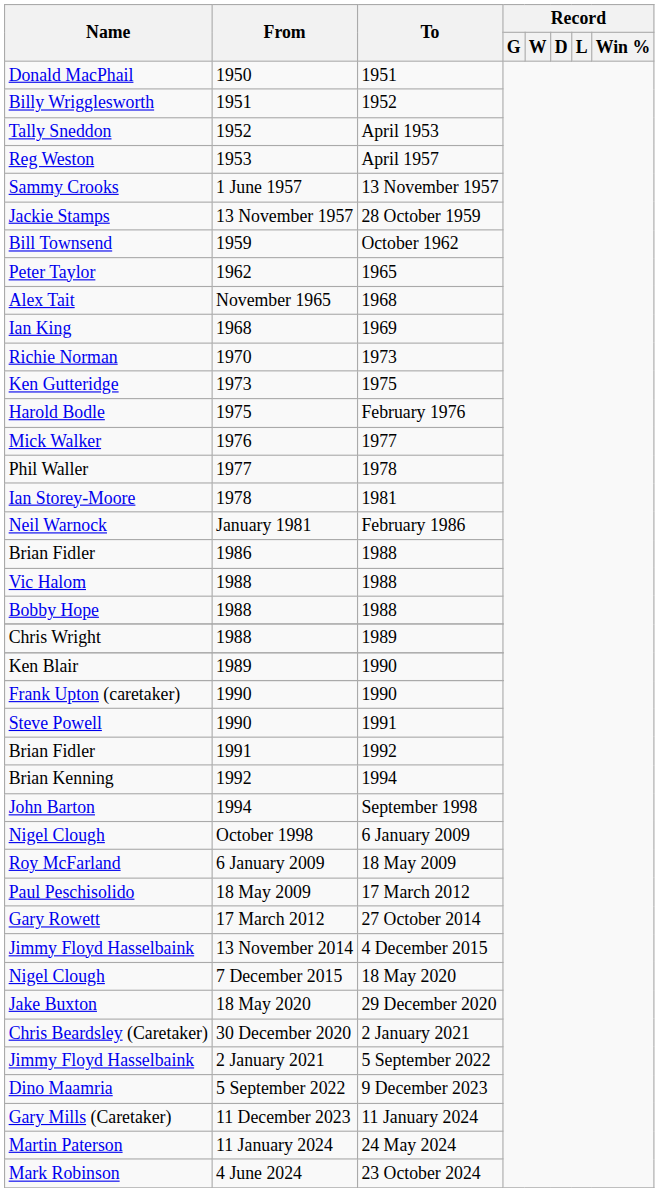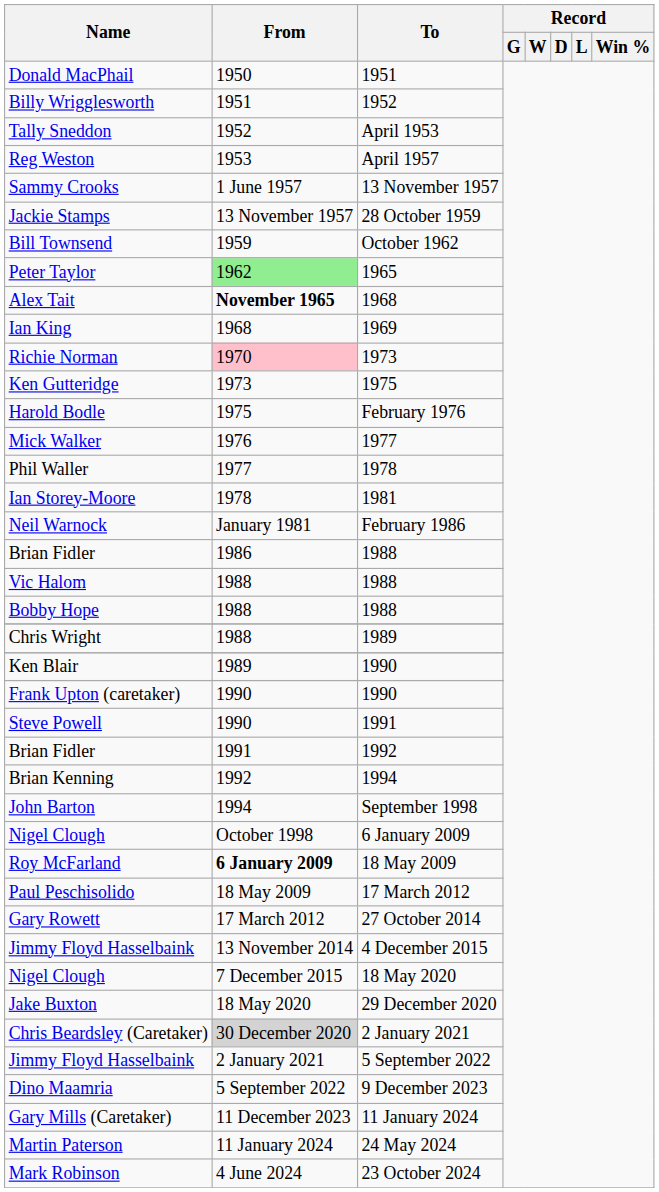 <table class="wikitable" style="text-align: center">
 <tr>
 <th rowspan="2">Name</th>
 <th rowspan="2">From</th>
 <th rowspan="2">To</th>
 <th colspan="5">Record</th>
 </tr>
 <tr>
 <th>G</th>
 <th>W</th>
 <th>D</th>
 <th>L</th>
 <th>Win %</th>
 </tr>
 <tr>
 <td align=left><a href='#'>Donald MacPhail</a></td>
 <td align=left>1950</td>
 <td align=left>1951</td>
 </tr>
 <tr>
 <td align=left><a href='#'>Billy Wrigglesworth</a></td>
 <td align=left>1951</td>
 <td align=left>1952</td>
 </tr>
 <tr>
 <td align=left><a href='#'>Tally Sneddon</a></td>
 <td align=left>1952</td>
 <td align=left>April 1953</td>
 </tr>
 <tr>
 <td align=left><a href='#'>Reg Weston</a></td>
 <td align=left>1953</td>
 <td align=left>April 1957</td>
 </tr>
 <tr>
 <td align=left><a href='#'>Sammy Crooks</a></td>
 <td align=left>1 June 1957</td>
 <td align=left>13 November 1957</td>
 </tr>
 <tr>
 <td align=left><a href='#'>Jackie Stamps</a></td>
 <td align=left>13 November 1957</td>
 <td align=left>28 October 1959</td>
 </tr>
 <tr>
 <td align=left><a href='#'>Bill Townsend</a></td>
 <td align=left>1959</td>
 <td align=left>October 1962</td>
 </tr>
 <tr>
 <td align=left><a href='#'>Peter Taylor</a></td>
-<td align=left>1962</td>
+<td align=left style="background: lightgreen;">1962</td>
 <td align=left>1965</td>
 </tr>
 <tr>
 <td align=left><a href='#'>Alex Tait</a></td>
-<td align=left>November 1965</td>
+<td align=left><strong>November 1965</strong></td>
 <td align=left>1968</td>
 </tr>
 <tr>
 <td align=left><a href='#'>Ian King</a></td>
 <td align=left>1968</td>
 <td align=left>1969</td>
 </tr>
 <tr>
 <td align=left><a href='#'>Richie Norman</a></td>
-<td align=left>1970</td>
+<td align=left style="background: pink;">1970</td>
 <td align=left>1973</td>
 </tr>
 <tr>
 <td align=left><a href='#'>Ken Gutteridge</a></td>
 <td align=left>1973</td>
 <td align=left>1975</td>
 </tr>
 <tr>
 <td align=left><a href='#'>Harold Bodle</a></td>
 <td align=left>1975</td>
 <td align=left>February 1976</td>
 </tr>
 <tr>
 <td align=left><a href='#'>Mick Walker</a></td>
 <td align=left>1976</td>
 <td align=left>1977</td>
 </tr>
 <tr>
 <td align=left>Phil Waller</td>
 <td align=left>1977</td>
 <td align=left>1978</td>
 </tr>
 <tr>
 <td align=left><a href='#'>Ian Storey-Moore</a></td>
 <td align=left>1978</td>
 <td align=left>1981</td>
 </tr>
 <tr>
 <td align=left><a href='#'>Neil Warnock</a></td>
 <td align=left>January 1981</td>
 <td align=left>February 1986</td>
 </tr>
 <tr>
 <td align=left>Brian Fidler</td>
 <td align=left>1986</td>
 <td align=left>1988</td>
 </tr>
 <tr>
 <td align=left><a href='#'>Vic Halom</a></td>
 <td align=left>1988</td>
 <td align=left>1988</td>
 </tr>
 <tr>
 <td align=left><a href='#'>Bobby Hope</a></td>
 <td align=left>1988</td>
 <td align=left>1988</td>
 </tr>
 <tr>
 </tr>
 <tr>
 <td align=left>Chris Wright</td>
 <td align=left>1988</td>
 <td align=left>1989</td>
 </tr>
 <tr>
 </tr>
 <tr>
 <td align=left>Ken Blair</td>
 <td align=left>1989</td>
 <td align=left>1990</td>
 </tr>
 <tr>
 </tr>
 <tr>
 <td align=left><a href='#'>Frank Upton</a> (caretaker)</td>
 <td align=left>1990</td>
 <td align=left>1990</td>
 </tr>
 <tr>
 <td align=left><a href='#'>Steve Powell</a></td>
 <td align=left>1990</td>
 <td align=left>1991</td>
 </tr>
 <tr>
 <td align=left>Brian Fidler</td>
 <td align=left>1991</td>
 <td align=left>1992</td>
 </tr>
 <tr>
 <td align=left>Brian Kenning</td>
 <td align=left>1992</td>
 <td align=left>1994</td>
 </tr>
 <tr>
 <td align=left><a href='#'>John Barton</a></td>
 <td align=left>1994</td>
 <td align=left>September 1998</td>
 </tr>
 <tr>
 <td align=left><a href='#'>Nigel Clough</a></td>
 <td align=left>October 1998</td>
 <td align=left>6 January 2009<br></td>
 </tr>
 <tr>
 <td align=left><a href='#'>Roy McFarland</a></td>
-<td align=left>6 January 2009</td>
+<td align=left><strong>6 January 2009</strong></td>
 <td align=left>18 May 2009<br></td>
 </tr>
 <tr>
 <td align=left><a href='#'>Paul Peschisolido</a></td>
 <td align=left>18 May 2009</td>
 <td align=left>17 March 2012<br></td>
 </tr>
 <tr>
 <td align=left><a href='#'>Gary Rowett</a></td>
 <td align=left>17 March 2012</td>
 <td align=left>27 October 2014<br></td>
 </tr>
 <tr>
 <td align=left><a href='#'>Jimmy Floyd Hasselbaink</a></td>
 <td align=left>13 November 2014</td>
 <td align=left>4 December 2015<br></td>
 </tr>
 <tr>
 <td align=left><a href='#'>Nigel Clough</a></td>
 <td align=left>7 December 2015</td>
 <td align=left>18 May 2020<br></td>
 </tr>
 <tr>
 <td align=left><a href='#'>Jake Buxton</a></td>
 <td align=left>18 May 2020</td>
 <td align=left>29 December 2020<br></td>
 </tr>
 <tr>
 <td align=left><a href='#'>Chris Beardsley</a> (Caretaker)</td>
-<td align=left>30 December 2020</td>
+<td align=left style="background: lightgrey;">30 December 2020</td>
 <td align=left>2 January 2021<br></td>
 </tr>
 <tr>
 <td align=left><a href='#'>Jimmy Floyd Hasselbaink</a></td>
 <td align=left>2 January 2021</td>
 <td align=left>5 September 2022<br></td>
 </tr>
 <tr>
 <td align=left><a href='#'>Dino Maamria</a></td>
 <td align=left>5 September 2022</td>
 <td align=left>9 December 2023<br></td>
 </tr>
 <tr>
 <td align=left><a href='#'>Gary Mills</a> (Caretaker)</td>
 <td align=left>11 December 2023</td>
 <td align=left>11 January 2024<br></td>
 </tr>
 <tr>
 <td align=left><a href='#'>Martin Paterson</a></td>
 <td align=left>11 January 2024</td>
 <td align=left>24 May 2024<br></td>
 </tr>
 <tr>
 <td align=left><a href='#'>Mark Robinson</a></td>
 <td align=left>4 June 2024</td>
 <td align=left>23 October 2024<br></td>
 </tr>
 </table>
